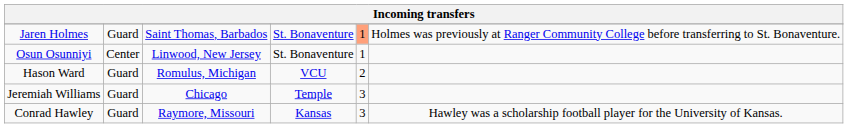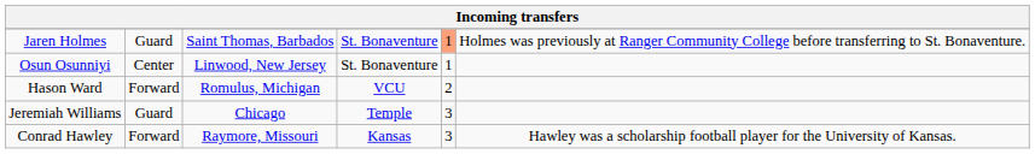 <table class="wikitable" style="text-align: center">
 <tr>
 <th colspan=6>Incoming transfers</th>
 </tr>
 <tr>
 </tr>
 <tr>
 <td><a href='#'>Jaren Holmes</a></td>
 <td>Guard</td>
 <td><a href='#'>Saint Thomas, Barbados</a></td>
 <td><a href='#'>St. Bonaventure</a></td>
 <td style="background: lightsalmon;">1</td>
 <td>Holmes was previously at <a href='#'>Ranger Community College</a> before transferring to St. Bonaventure.</td>
 </tr>
 <tr>
 <td><a href='#'>Osun Osunniyi</a></td>
 <td>Center</td>
 <td><a href='#'>Linwood, New Jersey</a></td>
 <td>St. Bonaventure</td>
 <td>1</td>
 <td></td>
 </tr>
 <tr>
 <td>Hason Ward</td>
-<td>Guard</td>
+<td>Forward</td>
 <td><a href='#'>Romulus, Michigan</a></td>
 <td><a href='#'>VCU</a></td>
 <td>2</td>
 <td></td>
 </tr>
 <tr>
 <td>Jeremiah Williams</td>
 <td>Guard</td>
 <td><a href='#'>Chicago</a></td>
 <td><a href='#'>Temple</a></td>
 <td>3</td>
 <td></td>
 </tr>
 <tr>
 <td>Conrad Hawley</td>
-<td>Guard</td>
+<td>Forward</td>
 <td><a href='#'>Raymore, Missouri</a></td>
 <td><a href='#'>Kansas</a></td>
 <td>3</td>
 <td>Hawley was a scholarship football player for the University of Kansas.</td>
 </tr>
 </table>
